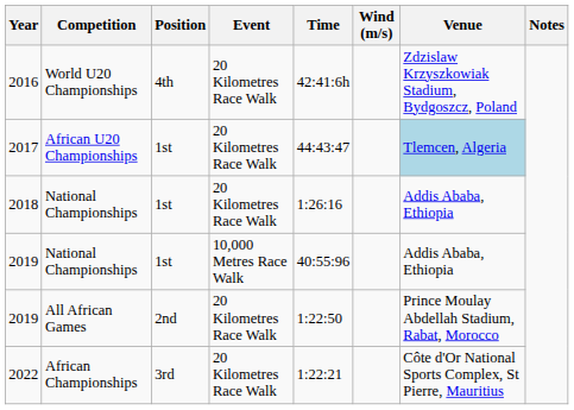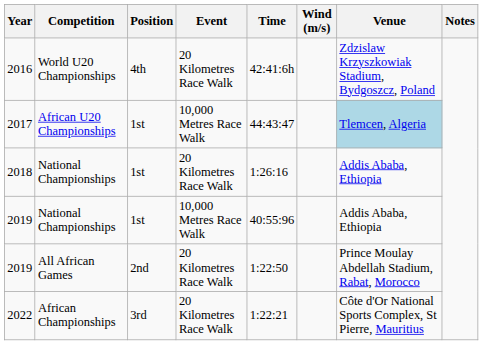 <table class="wikitable sortable">
 <tr>
 <th>Year</th>
 <th>Competition</th>
 <th>Position</th>
 <th>Event</th>
 <th>Time</th>
 <th>Wind (m/s)</th>
 <th>Venue</th>
 <th>Notes</th>
 </tr>
 <tr>
 <td>2016</td>
 <td>World U20 Championships</td>
 <td>4th</td>
 <td>20 Kilometres Race Walk</td>
 <td>42:41:6h</td>
 <td></td>
 <td><a href='#'>Zdzislaw Krzyszkowiak Stadium</a>, <a href='#'>Bydgoszcz</a>, <a href='#'>Poland</a></td>
 </tr>
 <tr>
 <td>2017</td>
 <td><a href='#'>African U20 Championships</a></td>
 <td>1st</td>
-<td>20 Kilometres Race Walk</td>
+<td>10,000 Metres Race Walk</td>
 <td>44:43:47</td>
 <td></td>
 <td style="background: lightblue;"><a href='#'>Tlemcen</a>, <a href='#'>Algeria</a></td>
 </tr>
 <tr>
 <td>2018</td>
 <td>National Championships</td>
 <td>1st</td>
 <td>20 Kilometres Race Walk</td>
 <td>1:26:16</td>
 <td></td>
 <td><a href='#'>Addis Ababa</a>, <a href='#'>Ethiopia</a></td>
 </tr>
 <tr>
 <td>2019</td>
 <td>National Championships</td>
 <td>1st</td>
 <td>10,000 Metres Race Walk</td>
 <td>40:55:96</td>
 <td></td>
 <td>Addis Ababa, Ethiopia</td>
 </tr>
 <tr>
 <td>2019</td>
 <td>All African Games</td>
 <td>2nd</td>
 <td>20 Kilometres Race Walk</td>
 <td>1:22:50</td>
 <td></td>
 <td>Prince Moulay Abdellah Stadium, <a href='#'>Rabat</a>, <a href='#'>Morocco</a><br> </td>
 </tr>
 <tr>
 <td>2022</td>
 <td>African Championships</td>
 <td>3rd</td>
 <td>20 Kilometres Race Walk</td>
 <td>1:22:21</td>
 <td></td>
 <td>Côte d'Or National Sports Complex, St Pierre, <a href='#'>Mauritius</a><br></td>
 </tr>
 </table>
